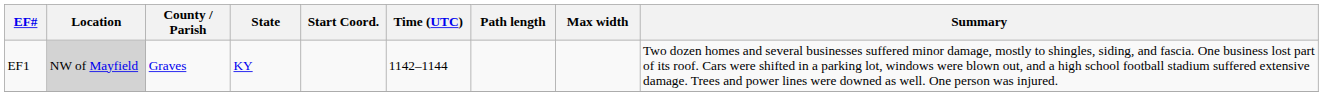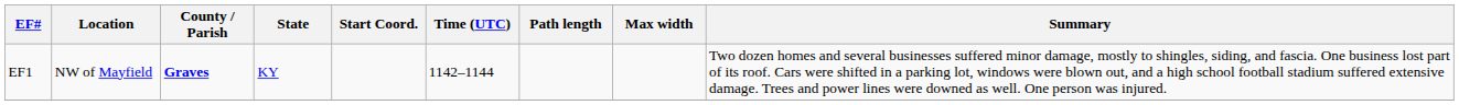 <table class="wikitable sortable" style="width:100%;">
 <tr>
 <th scope="col" width="3%" align="center"><a href='#'>EF#</a></th>
 <th scope="col" width="7%" align="center" class="unsortable">Location</th>
 <th scope="col" width="6%" align="center" class="unsortable">County / Parish</th>
 <th scope="col" width="5%" align="center">State</th>
 <th scope="col" width="6%" align="center">Start Coord.</th>
 <th scope="col" width="6%" align="center">Time (<a href='#'>UTC</a>)</th>
 <th scope="col" width="6%" align="center">Path length</th>
 <th scope="col" width="6%" align="center">Max width</th>
 <th scope="col" width="48%" class="unsortable" align="center">Summary</th>
 </tr>
 <tr>
 <td>EF1</td>
-<td style="background: lightgrey;">NW of <a href='#'>Mayfield</a></td>
-<td><a href='#'>Graves</a></td>
+<td>NW of <a href='#'>Mayfield</a></td>
+<td><strong><a href='#'>Graves</a></strong></td>
 <td><a href='#'>KY</a></td>
 <td></td>
 <td>1142–1144</td>
 <td></td>
 <td></td>
 <td>Two dozen homes and several businesses suffered minor damage, mostly to shingles, siding, and fascia. One business lost part of its roof. Cars were shifted in a parking lot, windows were blown out, and a high school football stadium suffered extensive damage. Trees and power lines were downed as well. One person was injured.</td>
 </tr>
 <tr>
 </tr>
 </table>
